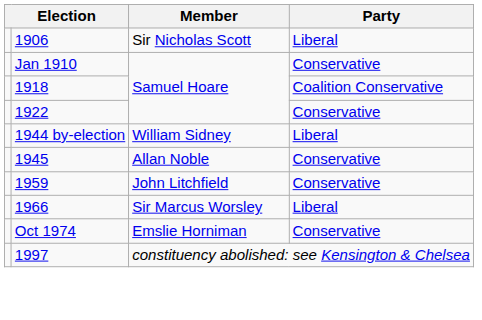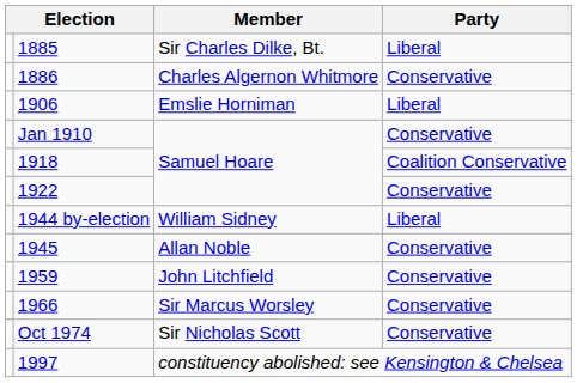 <table class="wikitable">
 <tr>
 <th colspan="2">Election</th>
 <th>Member</th>
 <th>Party</th>
 </tr>
 <tr>
 <td style="color:inherit;background-color: "></td>
+<td><a href='#'>1885</a></td>
+<td>Sir <a href='#'>Charles Dilke</a>, Bt. 	</td>
+<td><a href='#'>Liberal</a></td>
+</tr>
+<tr>
+<td style="color:inherit;background-color: "></td>
+<td><a href='#'>1886</a></td>
+<td><a href='#'>Charles Algernon Whitmore</a> 	</td>
+<td><a href='#'>Conservative</a></td>
+</tr>
+<tr>
+<td style="color:inherit;background-color: "></td>
 <td><a href='#'>1906</a></td>
-<td>Sir <a href='#'>Nicholas Scott</a> 	</td>
+<td><a href='#'>Emslie Horniman</a> 	</td>
 <td><a href='#'>Liberal</a></td>
 </tr>
 <tr>
 <td style="color:inherit;background-color: "></td>
 <td><a href='#'>Jan 1910</a></td>
 <td rowspan="3"><a href='#'>Samuel Hoare</a> 	</td>
 <td><a href='#'>Conservative</a></td>
 </tr>
 <tr>
 <td style="color:inherit;background-color: "></td>
 <td><a href='#'>1918</a></td>
 <td><a href='#'>Coalition Conservative</a></td>
 </tr>
 <tr>
 <td style="color:inherit;background-color: "></td>
 <td><a href='#'>1922</a></td>
 <td><a href='#'>Conservative</a></td>
 </tr>
 <tr>
 <td style="color:inherit;background-color: "></td>
 <td><a href='#'>1944 by-election</a></td>
 <td><a href='#'>William Sidney</a> 	</td>
 <td><a href='#'>Liberal</a></td>
 </tr>
 <tr>
 <td style="color:inherit;background-color: "></td>
 <td><a href='#'>1945</a></td>
 <td><a href='#'>Allan Noble</a> 	</td>
 <td><a href='#'>Conservative</a></td>
 </tr>
 <tr>
 <td style="color:inherit;background-color: "></td>
 <td><a href='#'>1959</a></td>
 <td><a href='#'>John Litchfield</a> 	</td>
 <td><a href='#'>Conservative</a></td>
 </tr>
 <tr>
 <td style="color:inherit;background-color: "></td>
 <td><a href='#'>1966</a></td>
 <td><a href='#'>Sir Marcus Worsley</a> 	</td>
-<td><a href='#'>Liberal</a></td>
+<td><a href='#'>Conservative</a></td>
 </tr>
 <tr>
 <td style="color:inherit;background-color: "></td>
 <td><a href='#'>Oct 1974</a></td>
-<td><a href='#'>Emslie Horniman</a> 	</td>
+<td>Sir <a href='#'>Nicholas Scott</a> 	</td>
 <td><a href='#'>Conservative</a></td>
 </tr>
 <tr>
 <td></td>
 <td><a href='#'>1997</a></td>
 <td colspan="2"><em>constituency abolished: see <a href='#'>Kensington & Chelsea</a></em></td>
 </tr>
 </table>
